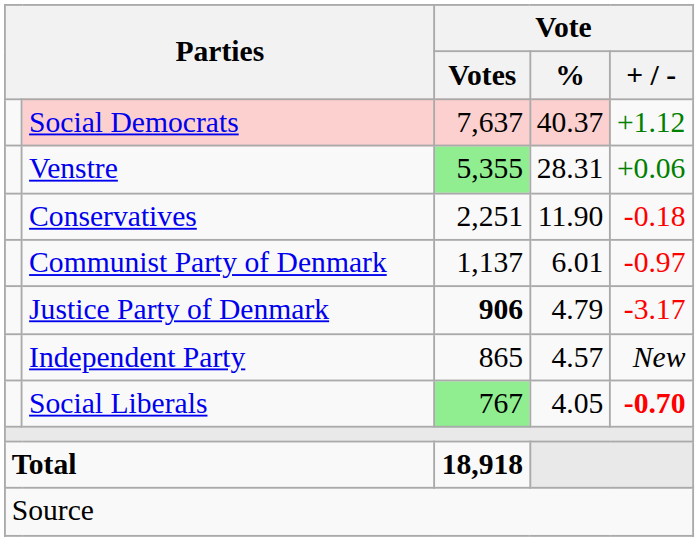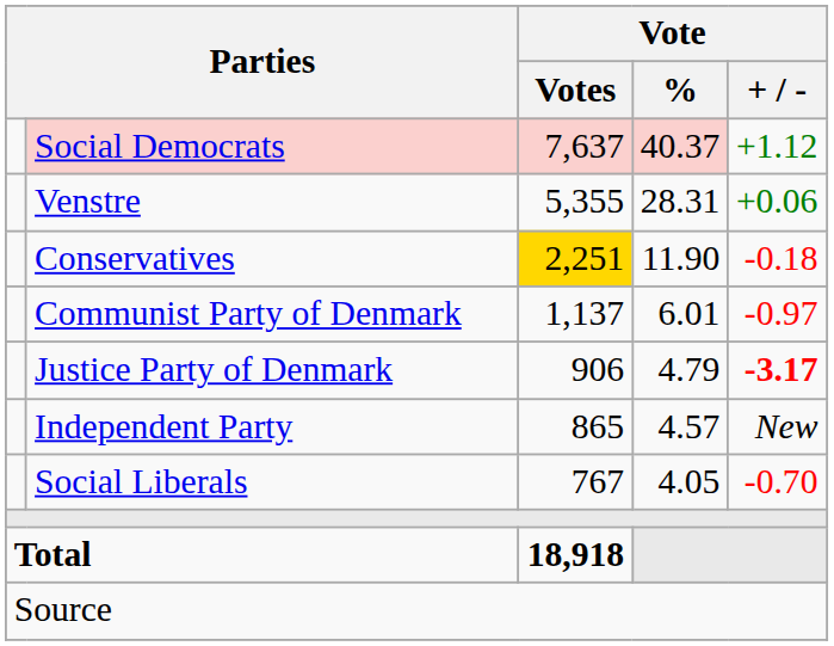 <table class="wikitable" style="text-align:right;">
 <tr>
 <th style="text-align:centre;" rowspan="2" colspan="2" width="225">Parties</th>
 <th colspan="3">Vote</th>
 </tr>
 <tr>
 <th width="15">Votes</th>
 <th width="15">%</th>
 <th width="15">+ / -</th>
 </tr>
 <tr>
 <td width="2" style="color:inherit;background:"></td>
 <td bgcolor=#fbd0ce  align="left"><a href='#'>Social Democrats</a></td>
 <td bgcolor=#fbd0ce>7,637</td>
 <td bgcolor=#fbd0ce>40.37</td>
 <td style=color:green;>+1.12</td>
 </tr>
 <tr>
 <td width="2" style="color:inherit;background:"></td>
 <td align="left"><a href='#'>Venstre</a></td>
-<td style="background: lightgreen;">5,355</td>
+<td>5,355</td>
 <td>28.31</td>
 <td style=color:green;>+0.06</td>
 </tr>
 <tr>
 <td width="2" style="color:inherit;background:"></td>
 <td align="left"><a href='#'>Conservatives</a></td>
-<td>2,251</td>
+<td style="background: gold;">2,251</td>
 <td>11.90</td>
 <td style=color:red;>-0.18</td>
 </tr>
 <tr>
 <td width="2" style="color:inherit;background:"></td>
 <td align="left"><a href='#'>Communist Party of Denmark</a></td>
 <td>1,137</td>
 <td>6.01</td>
 <td style=color:red;>-0.97</td>
 </tr>
 <tr>
 <td width="2" style="color:inherit;background:"></td>
 <td align="left"><a href='#'>Justice Party of Denmark</a></td>
-<td><strong>906</strong></td>
+<td>906</td>
 <td>4.79</td>
-<td style=color:red;>-3.17</td>
+<td style=color:red;><strong>-3.17</strong></td>
 </tr>
 <tr>
 <td width="2" style="color:inherit;background:"></td>
 <td align="left"><a href='#'>Independent Party</a></td>
 <td>865</td>
 <td>4.57</td>
 <td><em>New</em></td>
 </tr>
 <tr>
 <td width="2" style="color:inherit;background:"></td>
 <td align="left"><a href='#'>Social Liberals</a></td>
-<td style="background: lightgreen;">767</td>
+<td>767</td>
 <td>4.05</td>
-<td style=color:red;><strong>-0.70</strong></td>
+<td style=color:red;>-0.70</td>
 </tr>
 <tr>
 <td colspan="7" bgcolor="#E9E9E9"></td>
 </tr>
 <tr>
 <td align="left" colspan="2"><strong>Total</strong></td>
 <td><strong>18,918</strong></td>
 <td bgcolor="#E9E9E9" colspan="2"></td>
 </tr>
 <tr>
 <td align="left" colspan="6">Source</td>
 </tr>
 </table>
